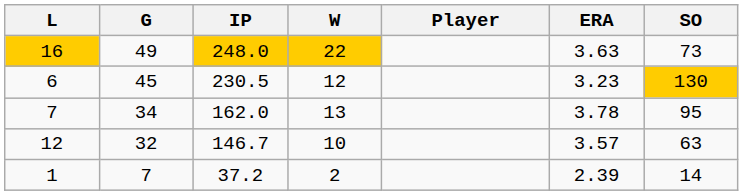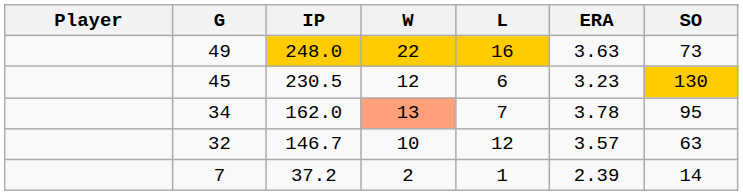 <table class="wikitable sortable">
 <tr>
-<th bgcolor="#DDDDFF" width="9%">L</th>
+<th bgcolor="#DDDDFF" width="16%">Player</th>
 <th bgcolor="#DDDDFF" width="9%">G</th>
 <th bgcolor="#DDDDFF" width="9%">IP</th>
 <th bgcolor="#DDDDFF" width="9%">W</th>
-<th bgcolor="#DDDDFF" width="16%">Player</th>
+<th bgcolor="#DDDDFF" width="9%">L</th>
 <th bgcolor="#DDDDFF" width="9%">ERA</th>
 <th bgcolor="#DDDDFF" width="9%">SO</th>
 </tr>
 <tr align="center">
-<td style="background:#fc0;">16</td>
+<td></td>
 <td>49</td>
 <td style="background:#fc0;">248.0</td>
 <td style="background:#fc0;">22</td>
-<td></td>
+<td style="background:#fc0;">16</td>
 <td>3.63</td>
 <td>73</td>
 </tr>
 <tr align="center">
-<td>6</td>
+<td></td>
 <td>45</td>
 <td>230.5</td>
 <td>12</td>
-<td></td>
+<td>6</td>
 <td>3.23</td>
 <td style="background:#fc0;">130</td>
 </tr>
 <tr align="center">
-<td>7</td>
+<td></td>
 <td>34</td>
 <td>162.0</td>
-<td>13</td>
-<td></td>
+<td style="background: lightsalmon;">13</td>
+<td>7</td>
 <td>3.78</td>
 <td>95</td>
 </tr>
 <tr align="center">
-<td>12</td>
+<td></td>
 <td>32</td>
 <td>146.7</td>
 <td>10</td>
-<td></td>
+<td>12</td>
 <td>3.57</td>
 <td>63</td>
 </tr>
 <tr align="center">
-<td>1</td>
+<td></td>
 <td>7</td>
 <td>37.2</td>
 <td>2</td>
-<td></td>
+<td>1</td>
 <td>2.39</td>
 <td>14</td>
 </tr>
 </table>
